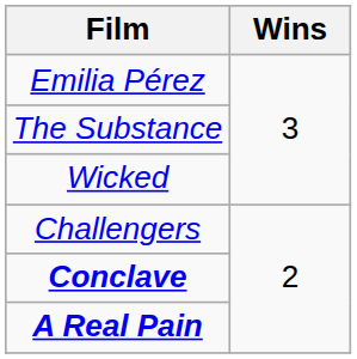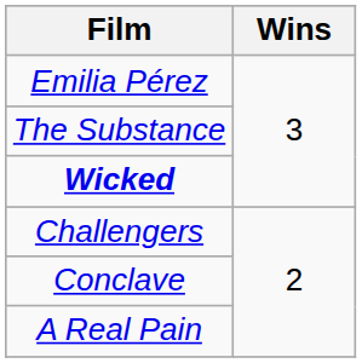 <table class="wikitable" rowspan="2" style="text-align:center" background: #f6e39c;>
 <tr>
 <th scope="col" style="text-align:center;">Film</th>
 <th scope="col" style="width:55px">Wins</th>
 </tr>
 <tr>
 <td><em><a href='#'>Emilia Pérez</a></em></td>
 <td rowspan="3" style="text-align:center">3</td>
 </tr>
 <tr>
 <td><em><a href='#'>The Substance</a></em></td>
 </tr>
 <tr>
-<td><em><a href='#'>Wicked</a></em></td>
+<td><strong><em><a href='#'>Wicked</a></em></strong></td>
 </tr>
 <tr>
 <td><em><a href='#'>Challengers</a></em></td>
 <td rowspan="3" style="text-align:center">2</td>
 </tr>
 <tr>
-<td><strong><em><a href='#'>Conclave</a></em></strong></td>
+<td><em><a href='#'>Conclave</a></em></td>
 </tr>
 <tr>
-<td><strong><em><a href='#'>A Real Pain</a></em></strong></td>
+<td><em><a href='#'>A Real Pain</a></em></td>
 </tr>
 </table>
